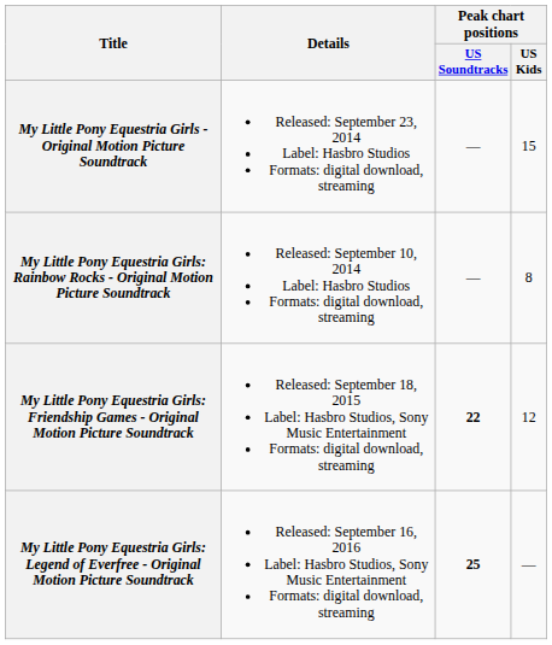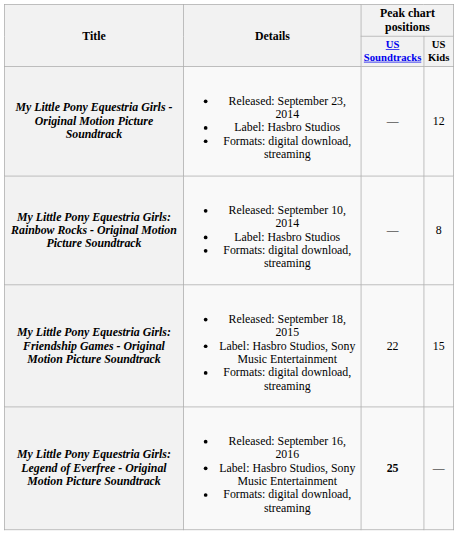 <table class="wikitable plainrowheaders" style="text-align:center;">
 <tr>
 <th rowspan="2" style="width:20em;">Title</th>
 <th rowspan="2" style="width:18em;">Details</th>
 <th colspan="2">Peak chart positions</th>
 </tr>
 <tr>
 <th scope="col" style="width:2.5em;font-size:90%;"><a href='#'>US<br>Soundtracks</a></th>
 <th scope="col" style="width:2.5em;font-size:90%;">US<br>Kids</th>
 </tr>
 <tr>
 <th scope="row"><em>My Little Pony Equestria Girls - Original Motion Picture Soundtrack</em></th>
 <td><br><ul><li>Released: September 23, 2014</li><li>Label: Hasbro Studios</li><li>Formats: digital download, streaming</li></ul></td>
 <td>—</td>
-<td>15</td>
+<td>12</td>
 </tr>
 <tr>
 <th scope="row"><em>My Little Pony Equestria Girls: Rainbow Rocks - Original Motion Picture Soundtrack</em></th>
 <td><br><ul><li>Released: September 10, 2014</li><li>Label: Hasbro Studios</li><li>Formats: digital download, streaming</li></ul></td>
 <td>—</td>
 <td>8</td>
 </tr>
 <tr>
 <th scope="row"><em>My Little Pony Equestria Girls: Friendship Games - Original Motion Picture Soundtrack</em></th>
 <td><br><ul><li>Released: September 18, 2015</li><li>Label: Hasbro Studios, Sony Music Entertainment</li><li>Formats: digital download, streaming</li></ul></td>
-<td><strong>22</strong></td>
-<td>12</td>
+<td>22</td>
+<td>15</td>
 </tr>
 <tr>
 <th scope="row"><em>My Little Pony Equestria Girls: Legend of Everfree - Original Motion Picture Soundtrack</em></th>
 <td><br><ul><li>Released: September 16, 2016</li><li>Label: Hasbro Studios, Sony Music Entertainment</li><li>Formats: digital download, streaming</li></ul></td>
 <td><strong>25</strong></td>
 <td>—</td>
 </tr>
 </table>
